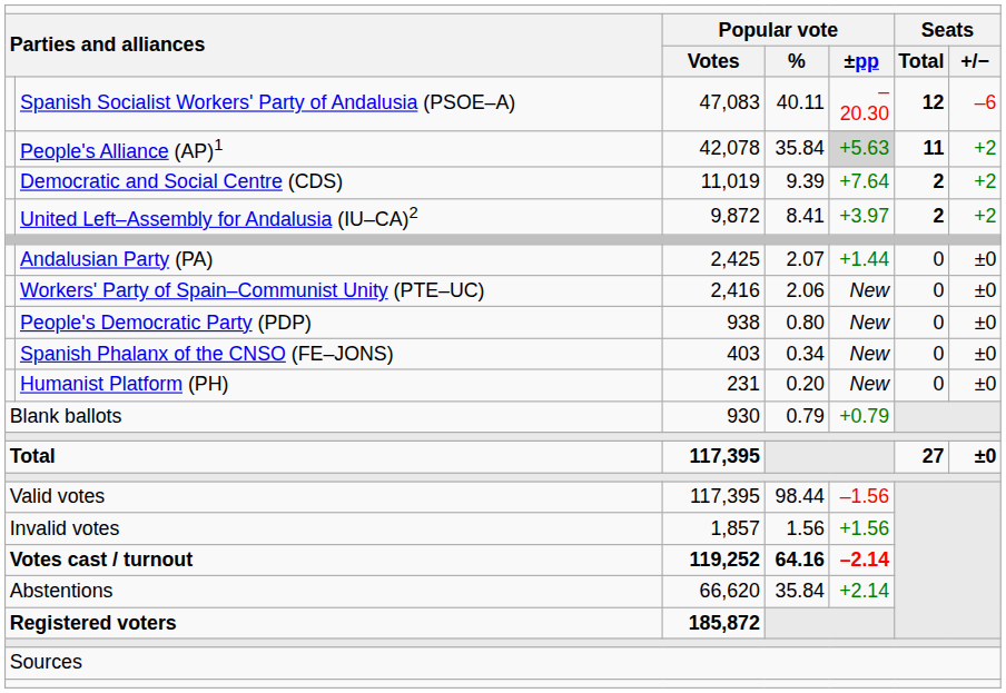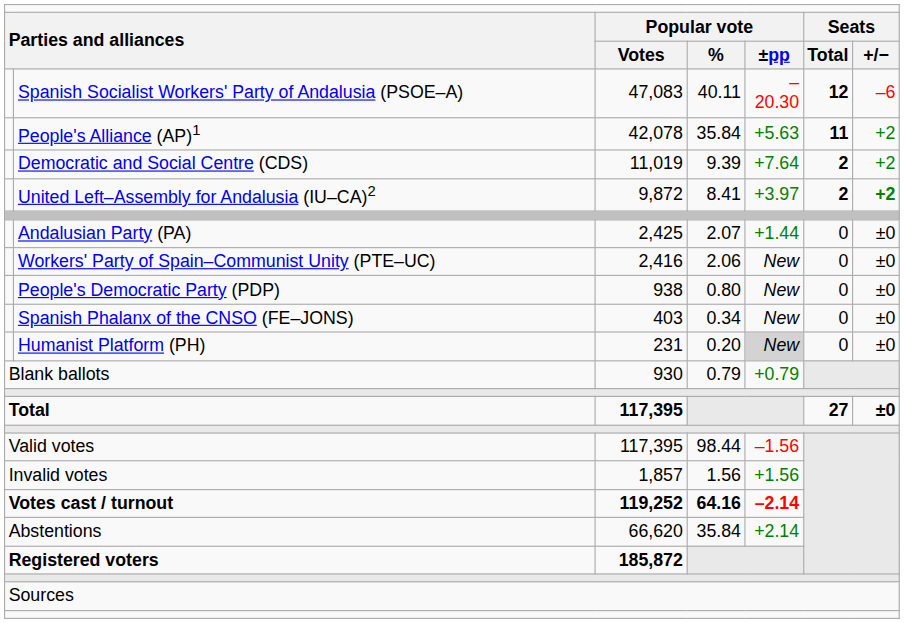 <table class="wikitable" style="text-align:right;">
 <tr>
 <td colspan="7"></td>
 </tr>
 <tr>
 <th style="text-align:left;" rowspan="2" colspan="2" width="525">Parties and alliances</th>
 <th colspan="3">Popular vote</th>
 <th colspan="2">Seats</th>
 </tr>
 <tr>
 <th width="75">Votes</th>
 <th width="45">%</th>
 <th width="45">±<a href='#'>pp</a></th>
 <th width="35">Total</th>
 <th width="35">+/−</th>
 </tr>
 <tr>
 <td width="1" style="color:inherit;background:"></td>
 <td align="left"><a href='#'>Spanish Socialist Workers' Party of Andalusia</a> (PSOE–A)</td>
 <td>47,083</td>
 <td>40.11</td>
 <td style="color:red;">–20.30</td>
 <td><strong>12</strong></td>
 <td style="color:red;">–6</td>
 </tr>
 <tr>
 <td style="color:inherit;background:"></td>
 <td align="left"><a href='#'>People's Alliance</a> (AP)<sup>1</sup></td>
 <td>42,078</td>
 <td>35.84</td>
-<td style="background: lightgrey; color:green;">+5.63</td>
+<td style="color:green;">+5.63</td>
 <td><strong>11</strong></td>
 <td style="color:green;">+2</td>
 </tr>
 <tr>
 <td style="color:inherit;background:"></td>
 <td align="left"><a href='#'>Democratic and Social Centre</a> (CDS)</td>
 <td>11,019</td>
 <td>9.39</td>
 <td style="color:green;">+7.64</td>
 <td><strong>2</strong></td>
 <td style="color:green;">+2</td>
 </tr>
 <tr>
 <td style="color:inherit;background:"></td>
 <td align="left"><a href='#'>United Left–Assembly for Andalusia</a> (IU–CA)<sup>2</sup></td>
 <td>9,872</td>
 <td>8.41</td>
 <td style="color:green;">+3.97</td>
 <td><strong>2</strong></td>
-<td style="color:green;">+2</td>
+<td style="color:green;"><strong>+2</strong></td>
 </tr>
 <tr>
 <td colspan="7" bgcolor="#C0C0C0"></td>
 </tr>
 <tr>
 <td style="color:inherit;background:"></td>
 <td align="left"><a href='#'>Andalusian Party</a> (PA)</td>
 <td>2,425</td>
 <td>2.07</td>
 <td style="color:green;">+1.44</td>
 <td>0</td>
 <td>±0</td>
 </tr>
 <tr>
 <td style="color:inherit;background:"></td>
 <td align="left"><a href='#'>Workers' Party of Spain–Communist Unity</a> (PTE–UC)</td>
 <td>2,416</td>
 <td>2.06</td>
 <td><em>New</em></td>
 <td>0</td>
 <td>±0</td>
 </tr>
 <tr>
 <td style="color:inherit;background:"></td>
 <td align="left"><a href='#'>People's Democratic Party</a> (PDP)</td>
 <td>938</td>
 <td>0.80</td>
 <td><em>New</em></td>
 <td>0</td>
 <td>±0</td>
 </tr>
 <tr>
 <td style="color:inherit;background:"></td>
 <td align="left"><a href='#'>Spanish Phalanx of the CNSO</a> (FE–JONS)</td>
 <td>403</td>
 <td>0.34</td>
 <td><em>New</em></td>
 <td>0</td>
 <td>±0</td>
 </tr>
 <tr>
 <td style="color:inherit;background:"></td>
 <td align="left"><a href='#'>Humanist Platform</a> (PH)</td>
 <td>231</td>
 <td>0.20</td>
-<td><em>New</em></td>
+<td style="background: lightgrey;"><em>New</em></td>
 <td>0</td>
 <td>±0</td>
 </tr>
 <tr>
 <td align="left" colspan="2">Blank ballots</td>
 <td>930</td>
 <td>0.79</td>
 <td style="color:green;">+0.79</td>
 <td bgcolor="#E9E9E9" colspan="2"></td>
 </tr>
 <tr>
 <td colspan="7" bgcolor="#E9E9E9"></td>
 </tr>
 <tr style="font-weight:bold;">
 <td align="left" colspan="2">Total</td>
 <td>117,395</td>
 <td bgcolor="#E9E9E9" colspan="2"></td>
 <td>27</td>
 <td>±0</td>
 </tr>
 <tr>
 <td colspan="7" bgcolor="#E9E9E9"></td>
 </tr>
 <tr>
 <td align="left" colspan="2">Valid votes</td>
 <td>117,395</td>
 <td>98.44</td>
 <td style="color:red;">–1.56</td>
 <td bgcolor="#E9E9E9" colspan="2" rowspan="5"></td>
 </tr>
 <tr>
 <td align="left" colspan="2">Invalid votes</td>
 <td>1,857</td>
 <td>1.56</td>
 <td style="color:green;">+1.56</td>
 </tr>
 <tr style="font-weight:bold;">
 <td align="left" colspan="2">Votes cast / turnout</td>
 <td>119,252</td>
 <td>64.16</td>
 <td style="color:red;">–2.14</td>
 </tr>
 <tr>
 <td align="left" colspan="2">Abstentions</td>
 <td>66,620</td>
 <td>35.84</td>
 <td style="color:green;">+2.14</td>
 </tr>
 <tr style="font-weight:bold;">
 <td align="left" colspan="2">Registered voters</td>
 <td>185,872</td>
 <td bgcolor="#E9E9E9" colspan="2"></td>
 </tr>
 <tr>
 <td colspan="7" bgcolor="#E9E9E9"></td>
 </tr>
 <tr>
 <td align="left" colspan="7">Sources</td>
 </tr>
 <tr>
 <td colspan="7" style="text-align:left; max-width:790px;"></td>
 </tr>
 </table>
